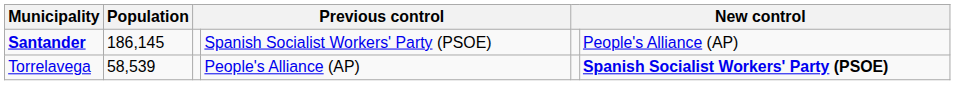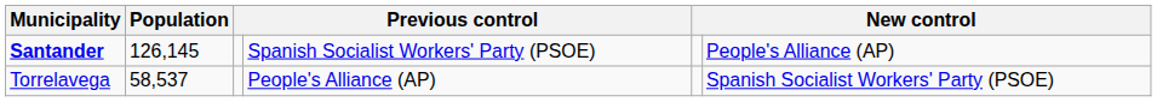 <table class="wikitable sortable">
 <tr>
 <th>Municipality</th>
 <th>Population</th>
 <th colspan="2" style="width:375px;">Previous control</th>
 <th colspan="2" style="width:375px;">New control</th>
 </tr>
 <tr>
 <td><strong><a href='#'>Santander</a></strong></td>
-<td>186,145</td>
+<td>126,145</td>
 <td width="1" style="color:inherit;background:"></td>
 <td><a href='#'>Spanish Socialist Workers' Party</a> (PSOE)</td>
 <td width="1" style="color:inherit;background:"></td>
 <td><a href='#'>People's Alliance</a> (AP)</td>
 </tr>
 <tr>
 <td><a href='#'>Torrelavega</a></td>
-<td>58,539</td>
+<td>58,537</td>
 <td style="color:inherit;background:"></td>
 <td><a href='#'>People's Alliance</a> (AP)</td>
 <td style="color:inherit;background:"></td>
-<td><strong><a href='#'>Spanish Socialist Workers' Party</a> (PSOE)</strong></td>
+<td><a href='#'>Spanish Socialist Workers' Party</a> (PSOE)</td>
 </tr>
 </table>
